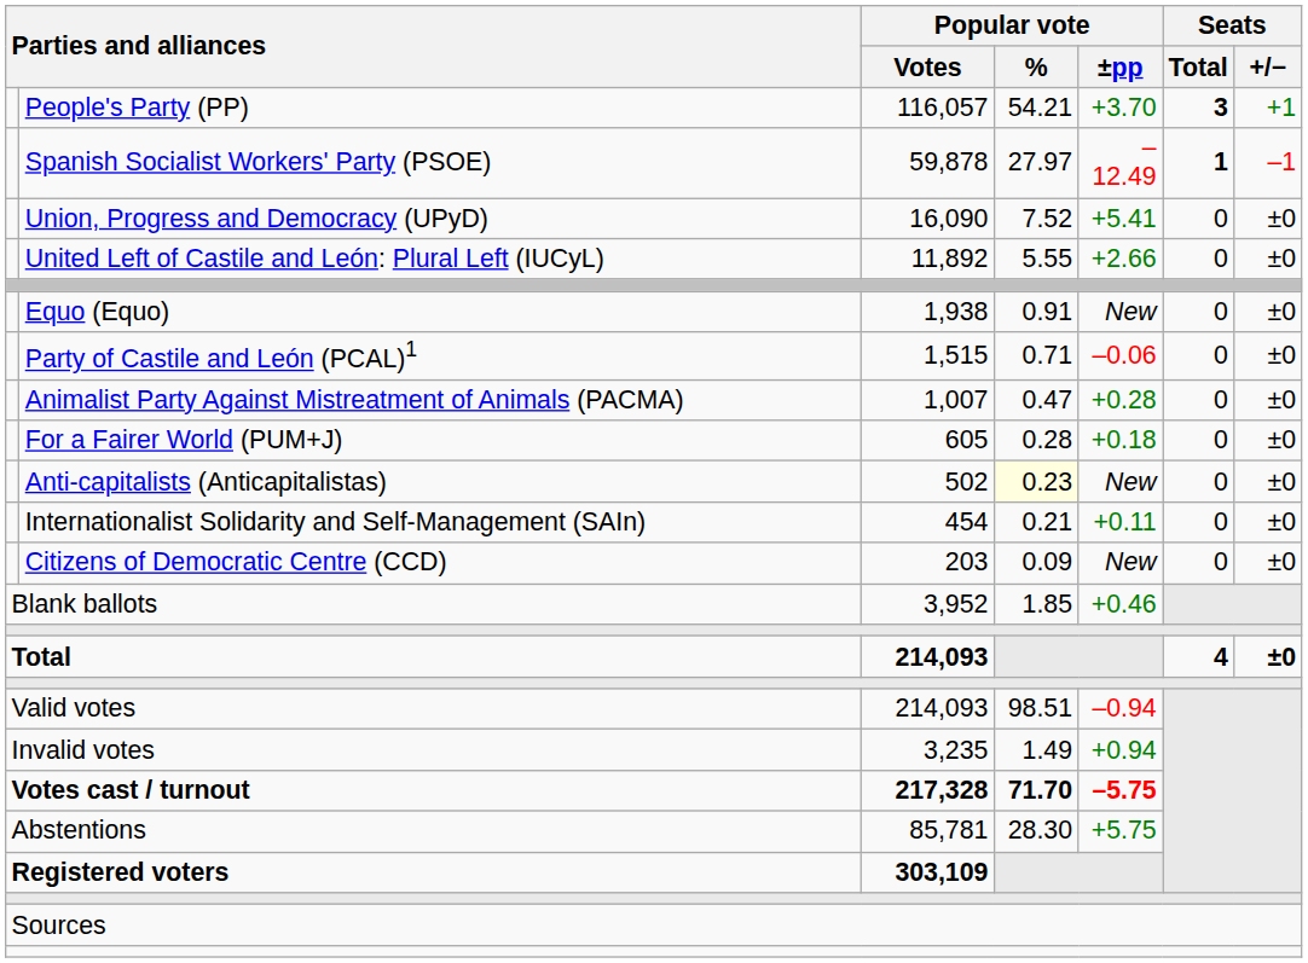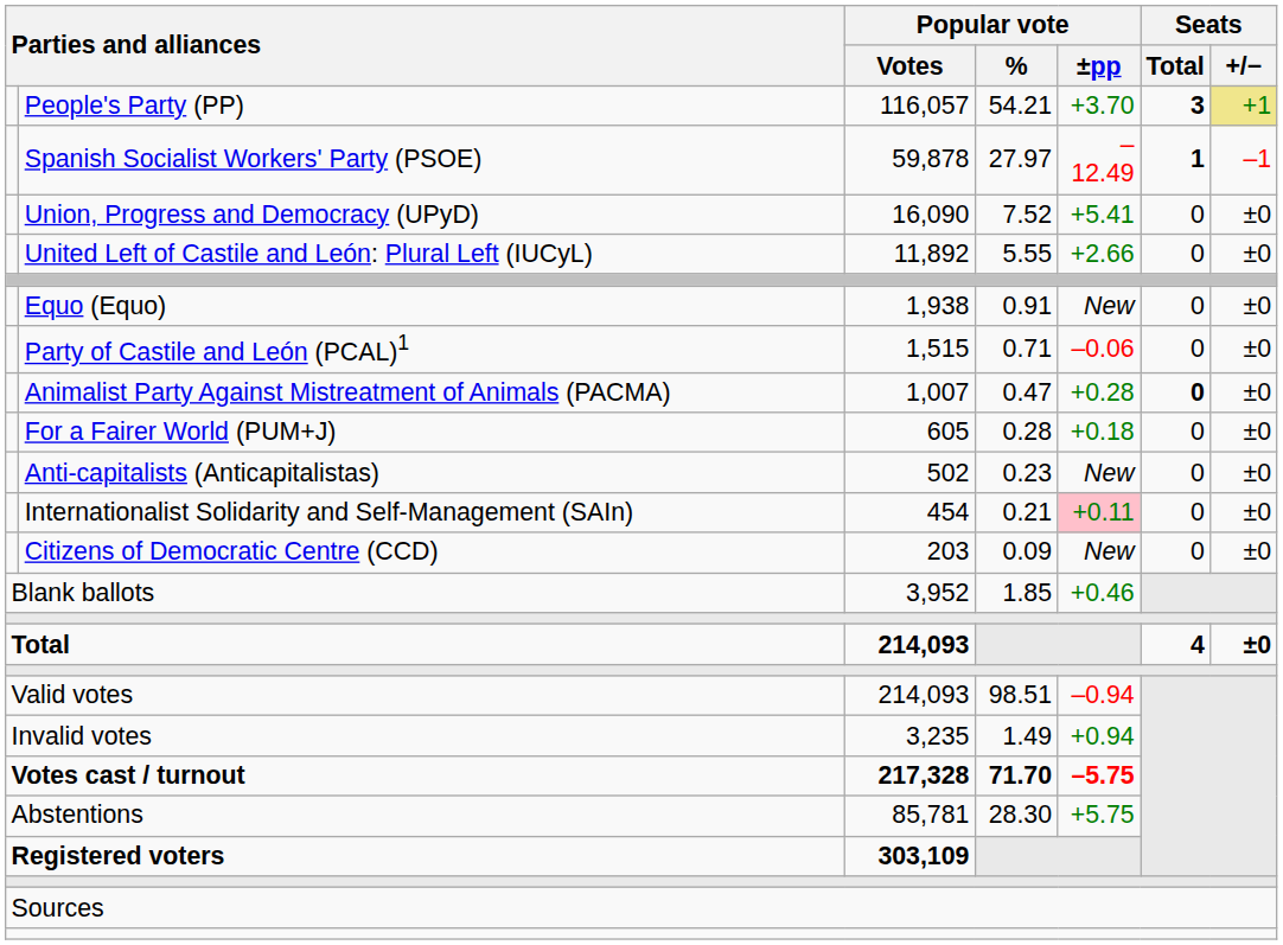 <table class="wikitable" style="text-align:right;">
 <tr>
 <th style="text-align:left;" rowspan="2" colspan="2" width="525">Parties and alliances</th>
 <th colspan="3">Popular vote</th>
 <th colspan="2">Seats</th>
 </tr>
 <tr>
 <th width="75">Votes</th>
 <th width="45">%</th>
 <th width="45">±<a href='#'>pp</a></th>
 <th width="35">Total</th>
 <th width="35">+/−</th>
 </tr>
 <tr>
 <td width="1" style="color:inherit;background:"></td>
 <td align="left"><a href='#'>People's Party</a> (PP)</td>
 <td>116,057</td>
 <td>54.21</td>
 <td style="color:green;">+3.70</td>
 <td><strong>3</strong></td>
-<td style="color:green;">+1</td>
+<td style="background: khaki; color:green;">+1</td>
 </tr>
 <tr>
 <td style="color:inherit;background:"></td>
 <td align="left"><a href='#'>Spanish Socialist Workers' Party</a> (PSOE)</td>
 <td>59,878</td>
 <td>27.97</td>
 <td style="color:red;">–12.49</td>
 <td><strong>1</strong></td>
 <td style="color:red;">–1</td>
 </tr>
 <tr>
 <td style="color:inherit;background:"></td>
 <td align="left"><a href='#'>Union, Progress and Democracy</a> (UPyD)</td>
 <td>16,090</td>
 <td>7.52</td>
 <td style="color:green;">+5.41</td>
 <td>0</td>
 <td>±0</td>
 </tr>
 <tr>
 <td style="color:inherit;background:"></td>
 <td align="left"><a href='#'>United Left of Castile and León</a>: <a href='#'>Plural Left</a> (IUCyL)</td>
 <td>11,892</td>
 <td>5.55</td>
 <td style="color:green;">+2.66</td>
 <td>0</td>
 <td>±0</td>
 </tr>
 <tr>
 <td colspan="7" bgcolor="#C0C0C0"></td>
 </tr>
 <tr>
 <td style="color:inherit;background:"></td>
 <td align="left"><a href='#'>Equo</a> (Equo)</td>
 <td>1,938</td>
 <td>0.91</td>
 <td><em>New</em></td>
 <td>0</td>
 <td>±0</td>
 </tr>
 <tr>
 <td style="color:inherit;background:"></td>
 <td align="left"><a href='#'>Party of Castile and León</a> (PCAL)<sup>1</sup></td>
 <td>1,515</td>
 <td>0.71</td>
 <td style="color:red;">–0.06</td>
 <td>0</td>
 <td>±0</td>
 </tr>
 <tr>
 <td style="color:inherit;background:"></td>
 <td align="left"><a href='#'>Animalist Party Against Mistreatment of Animals</a> (PACMA)</td>
 <td>1,007</td>
 <td>0.47</td>
 <td style="color:green;">+0.28</td>
-<td>0</td>
+<td><strong>0</strong></td>
 <td>±0</td>
 </tr>
 <tr>
 <td style="color:inherit;background:"></td>
 <td align="left"><a href='#'>For a Fairer World</a> (PUM+J)</td>
 <td>605</td>
 <td>0.28</td>
 <td style="color:green;">+0.18</td>
 <td>0</td>
 <td>±0</td>
 </tr>
 <tr>
 <td style="color:inherit;background:"></td>
 <td align="left"><a href='#'>Anti-capitalists</a> (Anticapitalistas)</td>
 <td>502</td>
-<td style="background: lightyellow;">0.23</td>
+<td>0.23</td>
 <td><em>New</em></td>
 <td>0</td>
 <td>±0</td>
 </tr>
 <tr>
 <td style="color:inherit;background:"></td>
 <td align="left">Internationalist Solidarity and Self-Management (SAIn)</td>
 <td>454</td>
 <td>0.21</td>
-<td style="color:green;">+0.11</td>
+<td style="background: pink; color:green;">+0.11</td>
 <td>0</td>
 <td>±0</td>
 </tr>
 <tr>
 <td style="color:inherit;background:"></td>
 <td align="left"><a href='#'>Citizens of Democratic Centre</a> (CCD)</td>
 <td>203</td>
 <td>0.09</td>
 <td><em>New</em></td>
 <td>0</td>
 <td>±0</td>
 </tr>
 <tr>
 <td align="left" colspan="2">Blank ballots</td>
 <td>3,952</td>
 <td>1.85</td>
 <td style="color:green;">+0.46</td>
 <td bgcolor="#E9E9E9" colspan="2"></td>
 </tr>
 <tr>
 <td colspan="7" bgcolor="#E9E9E9"></td>
 </tr>
 <tr style="font-weight:bold;">
 <td align="left" colspan="2">Total</td>
 <td>214,093</td>
 <td bgcolor="#E9E9E9" colspan="2"></td>
 <td>4</td>
 <td>±0</td>
 </tr>
 <tr>
 <td colspan="7" bgcolor="#E9E9E9"></td>
 </tr>
 <tr>
 <td align="left" colspan="2">Valid votes</td>
 <td>214,093</td>
 <td>98.51</td>
 <td style="color:red;">–0.94</td>
 <td bgcolor="#E9E9E9" colspan="2" rowspan="5"></td>
 </tr>
 <tr>
 <td align="left" colspan="2">Invalid votes</td>
 <td>3,235</td>
 <td>1.49</td>
 <td style="color:green;">+0.94</td>
 </tr>
 <tr style="font-weight:bold;">
 <td align="left" colspan="2">Votes cast / turnout</td>
 <td>217,328</td>
 <td>71.70</td>
 <td style="color:red;">–5.75</td>
 </tr>
 <tr>
 <td align="left" colspan="2">Abstentions</td>
 <td>85,781</td>
 <td>28.30</td>
 <td style="color:green;">+5.75</td>
 </tr>
 <tr style="font-weight:bold;">
 <td align="left" colspan="2">Registered voters</td>
 <td>303,109</td>
 <td bgcolor="#E9E9E9" colspan="2"></td>
 </tr>
 <tr>
 <td colspan="7" bgcolor="#E9E9E9"></td>
 </tr>
 <tr>
 <td align="left" colspan="7">Sources</td>
 </tr>
 <tr>
 <td colspan="7" style="text-align:left; max-width:790px;"></td>
 </tr>
 </table>
